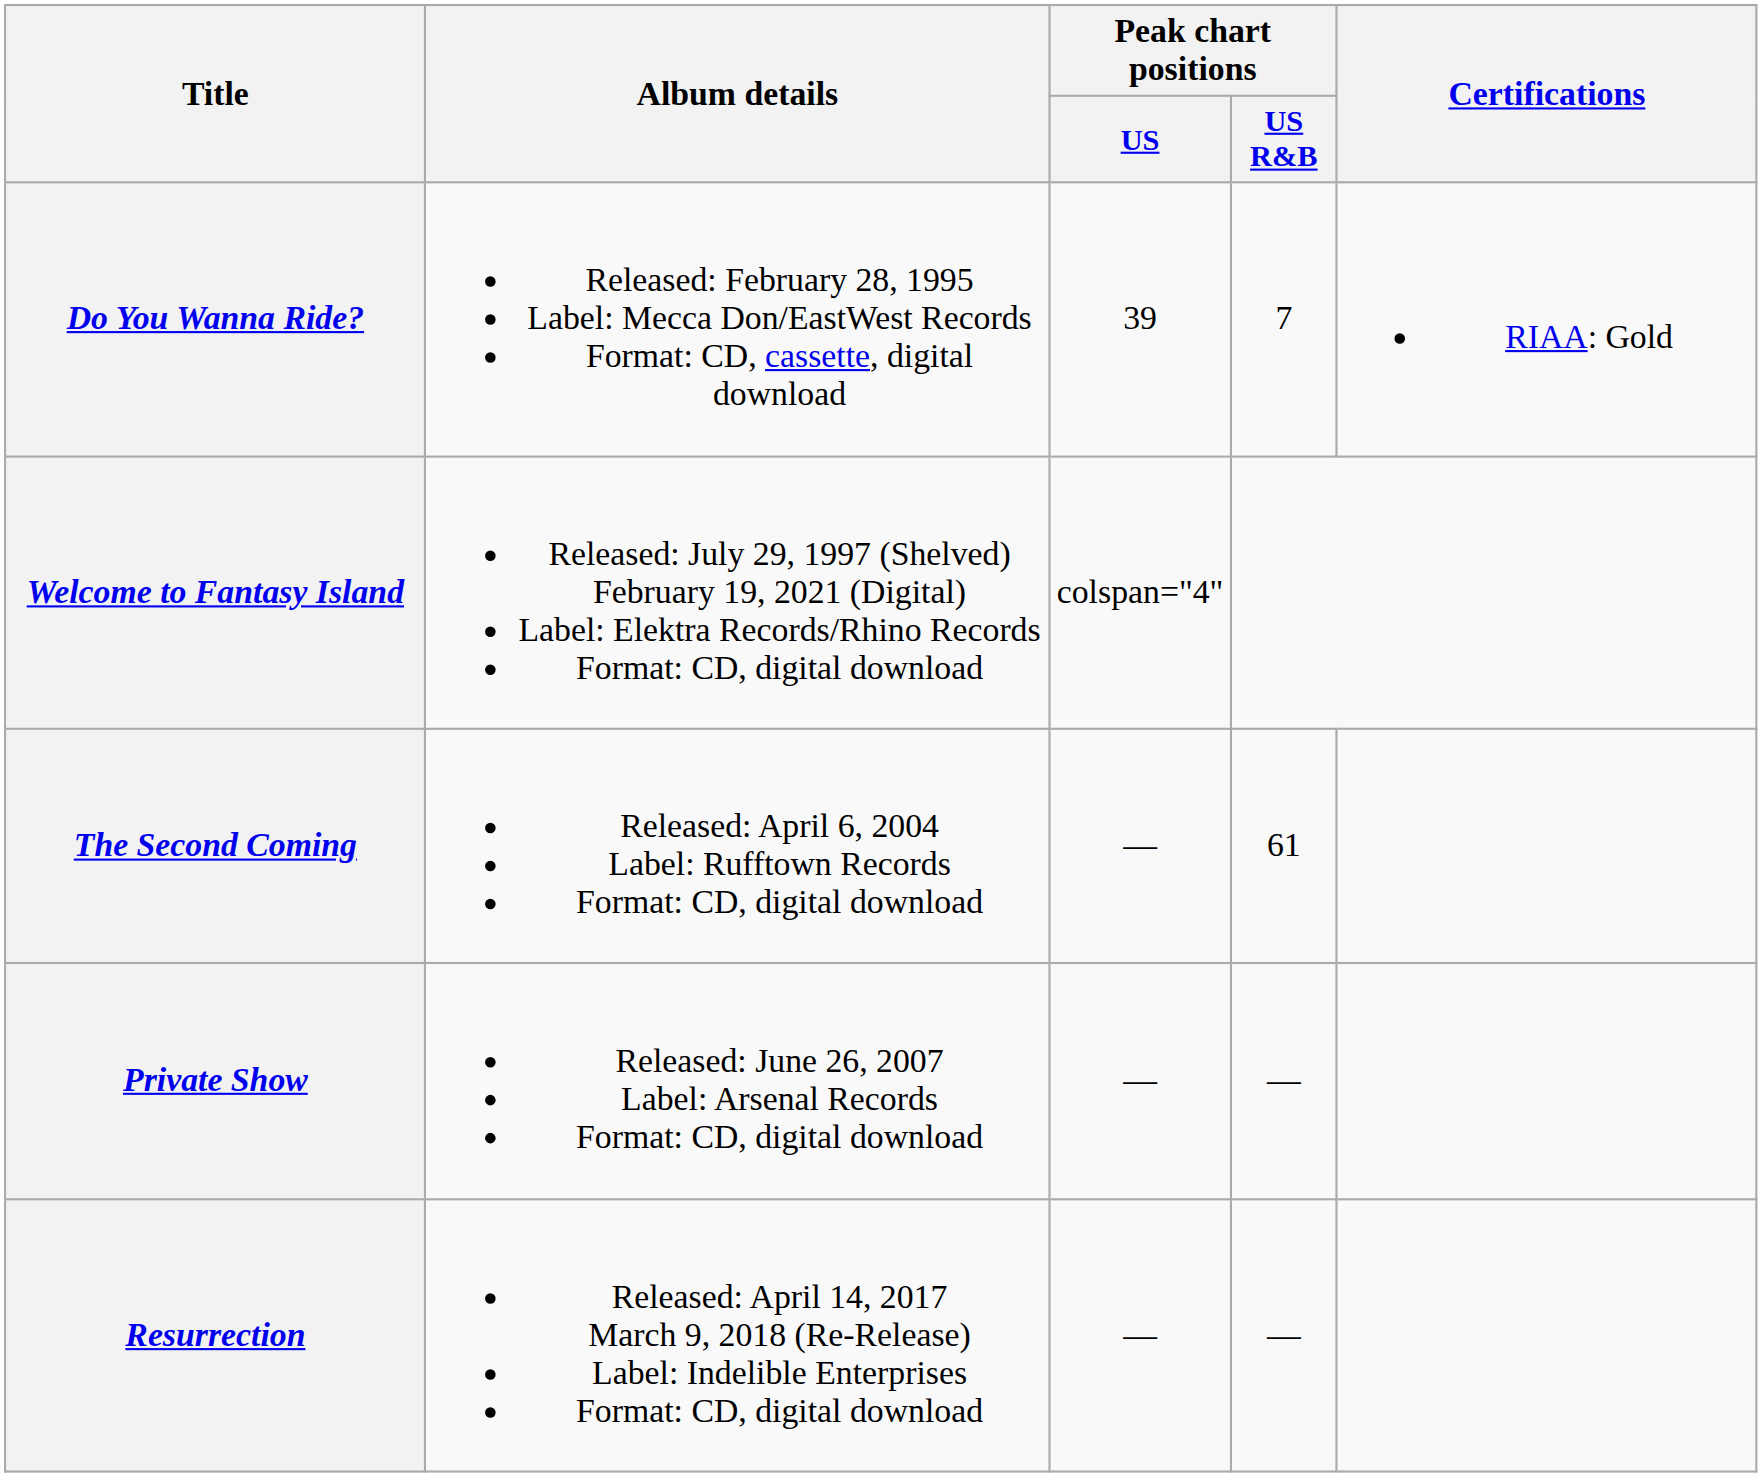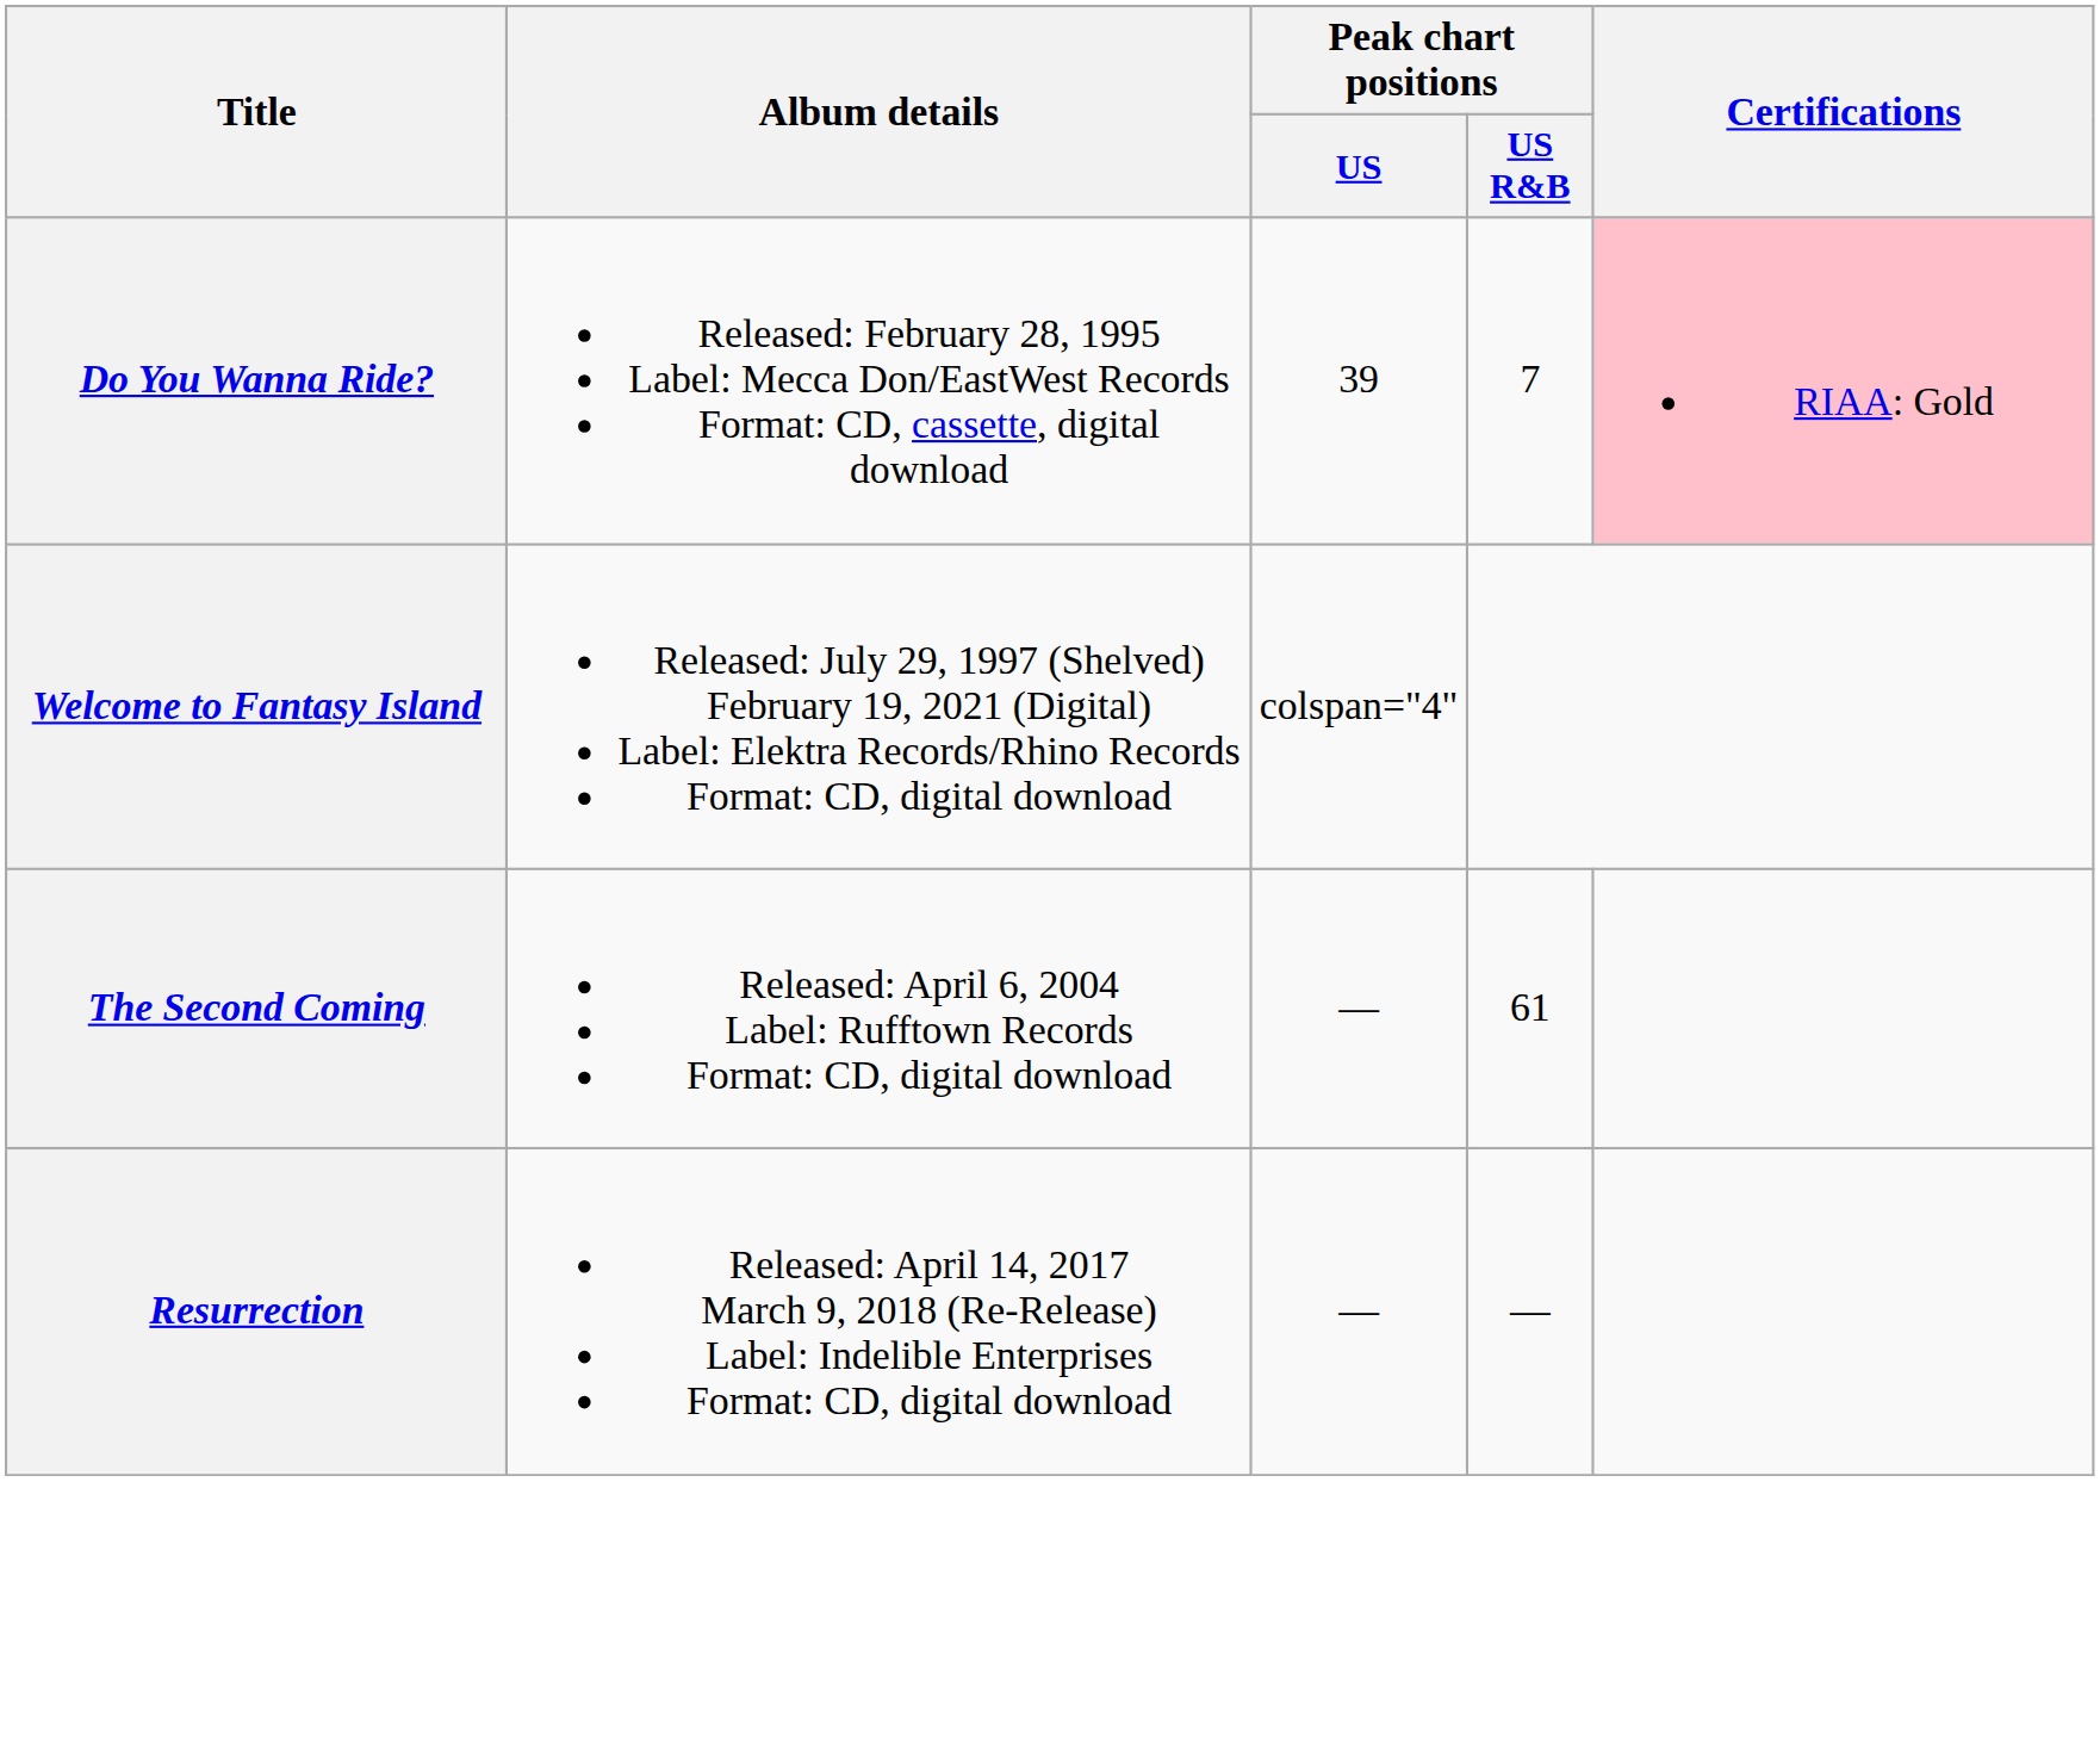 <table class="wikitable plainrowheaders" style="text-align:center;">
 <tr>
 <th scope="col" rowspan="2" style="width:12em;">Title</th>
 <th scope="col" rowspan="2" style="width:18em;">Album details</th>
 <th scope="col" colspan="2">Peak chart positions</th>
 <th scope="col" rowspan="2" style="width:12em;"><a href='#'>Certifications</a></th>
 </tr>
 <tr>
 <th scope="col" style="width:3em;font-size:90%;"><a href='#'>US</a></th>
 <th scope="col" style="width:3em;font-size:90%;"><a href='#'>US R&B</a></th>
 </tr>
 <tr>
 <th scope="row"><em><a href='#'>Do You Wanna Ride?</a></em></th>
 <td><br><ul><li>Released: February 28, 1995</li><li>Label: Mecca Don/EastWest Records</li><li>Format: CD, <a href='#'>cassette</a>, digital download</li></ul></td>
 <td style="text-align:center;">39</td>
 <td style="text-align:center;">7</td>
-<td><br><ul><li><a href='#'>RIAA</a>: Gold</li></ul></td>
+<td style="background: pink;"><br><ul><li><a href='#'>RIAA</a>: Gold</li></ul></td>
 </tr>
 <tr>
 <th scope="row"><em><a href='#'>Welcome to Fantasy Island</a></em></th>
 <td><br><ul><li>Released: July 29, 1997 (Shelved)<br>February 19, 2021 (Digital)</li><li>Label: Elektra Records/Rhino Records</li><li>Format: CD, digital download</li></ul></td>
 <td>colspan="4" </td>
 </tr>
 <tr>
 <th scope="row"><em><a href='#'>The Second Coming</a></em></th>
 <td><br><ul><li>Released: April 6, 2004</li><li>Label: Rufftown Records</li><li>Format: CD, digital download</li></ul></td>
 <td>—</td>
 <td style="text-align:center;">61</td>
 <td></td>
 </tr>
 <tr>
-<th scope="row"><em><a href='#'>Private Show</a></em></th>
-<td><br><ul><li>Released: June 26, 2007</li><li>Label: Arsenal Records</li><li>Format: CD, digital download</li></ul></td>
-<td>—</td>
-<td style="text-align:center;">—</td>
-<td></td>
-</tr>
-<tr>
 <th scope="row"><em><a href='#'>Resurrection</a></em></th>
 <td><br><ul><li>Released: April 14, 2017<br>March 9, 2018 (Re-Release)</li><li>Label: Indelible Enterprises</li><li>Format: CD, digital download</li></ul></td>
 <td>—</td>
 <td style="text-align:center;">—</td>
 <td></td>
 </tr>
 </table>
